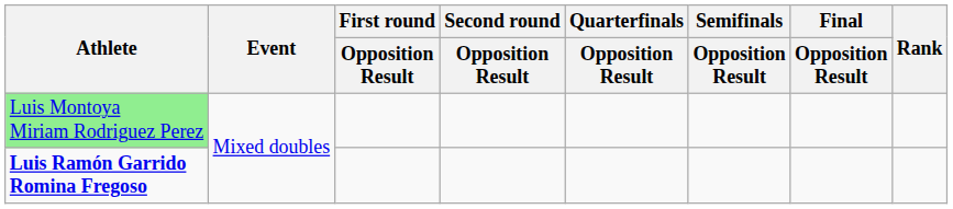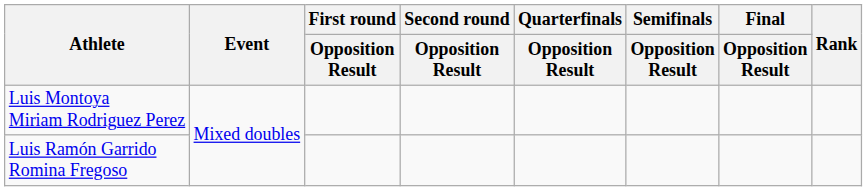 <table class="wikitable" style="font-size:90%">
 <tr>
 <th rowspan="2">Athlete</th>
 <th rowspan="2">Event</th>
 <th>First round</th>
 <th>Second round</th>
 <th>Quarterfinals</th>
 <th>Semifinals</th>
 <th>Final</th>
 <th rowspan="2">Rank</th>
 </tr>
 <tr>
 <th>Opposition<br>Result</th>
 <th>Opposition<br>Result</th>
 <th>Opposition<br>Result</th>
 <th>Opposition<br>Result</th>
 <th>Opposition<br>Result</th>
 </tr>
 <tr>
-<td style="background: lightgreen;"><a href='#'>Luis Montoya</a><br><a href='#'>Miriam Rodriguez Perez</a></td>
+<td><a href='#'>Luis Montoya</a><br><a href='#'>Miriam Rodriguez Perez</a></td>
 <td rowspan=2><a href='#'>Mixed doubles</a></td>
 <td><br></td>
 <td></td>
 <td></td>
 <td></td>
 <td></td>
 <td></td>
 </tr>
 <tr>
-<td><strong><a href='#'>Luis Ramón Garrido</a><br><a href='#'>Romina Fregoso</a></strong></td>
+<td><a href='#'>Luis Ramón Garrido</a><br><a href='#'>Romina Fregoso</a></td>
 <td><br></td>
 <td></td>
 <td></td>
 <td></td>
 <td></td>
 <td></td>
 </tr>
 </table>
